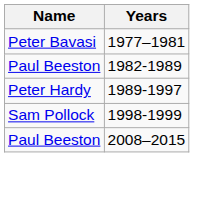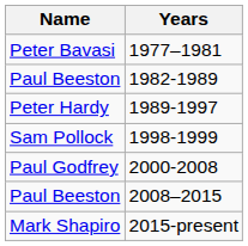 <table class="wikitable">
 <tr>
 <th>Name</th>
 <th>Years</th>
 </tr>
 <tr>
 <td><a href='#'>Peter Bavasi</a></td>
 <td>1977–1981</td>
 </tr>
 <tr>
 <td><a href='#'>Paul Beeston</a></td>
 <td>1982-1989</td>
 </tr>
 <tr>
 <td><a href='#'>Peter Hardy</a></td>
 <td>1989-1997</td>
 </tr>
 <tr>
 <td><a href='#'>Sam Pollock</a></td>
 <td>1998-1999</td>
 </tr>
 <tr>
+<td><a href='#'>Paul Godfrey</a></td>
+<td>2000-2008</td>
+</tr>
+<tr>
 <td><a href='#'>Paul Beeston</a></td>
 <td>2008–2015</td>
 </tr>
+<tr>
+<td><a href='#'>Mark Shapiro</a></td>
+<td>2015-present</td>
+</tr>
 </table>
